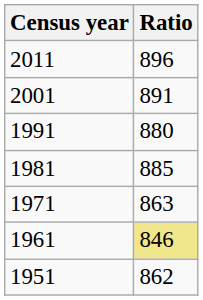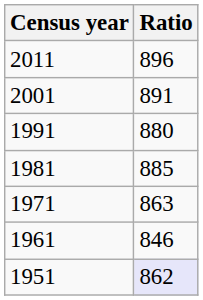 <table class="wikitable sortable">
 <tr>
 <th>Census year</th>
 <th>Ratio</th>
 </tr>
 <tr>
 <td>2011</td>
 <td>896</td>
 </tr>
 <tr>
 <td>2001</td>
 <td>891</td>
 </tr>
 <tr>
 <td>1991</td>
 <td>880</td>
 </tr>
 <tr>
 <td>1981</td>
 <td>885</td>
 </tr>
 <tr>
 <td>1971</td>
 <td>863</td>
 </tr>
 <tr>
 <td>1961</td>
-<td style="background: khaki;">846</td>
+<td>846</td>
 </tr>
 <tr>
 <td>1951</td>
-<td>862</td>
+<td style="background: lavender;">862</td>
 </tr>
 </table>
